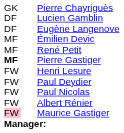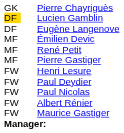 <table style="font-size:90%; margin:0.2em auto;" cellspacing="0" cellpadding="0">
 <tr>
 <th width="25"></th>
 <th width="25"></th>
 </tr>
 <tr>
 <td>GK</td>
 <td></td>
 <td><a href='#'>Pierre Chayriguès</a></td>
 </tr>
 <tr>
-<td>DF</td>
+<td style="background: gold;">DF</td>
 <td></td>
 <td><a href='#'>Lucien Gamblin</a></td>
 </tr>
 <tr>
 <td>DF</td>
 <td></td>
 <td><a href='#'>Eugène Langenove</a></td>
 </tr>
 <tr>
 <td>MF</td>
 <td></td>
 <td><a href='#'>Émilien Devic</a></td>
 </tr>
 <tr>
 <td>MF</td>
 <td></td>
 <td><a href='#'>René Petit</a></td>
 </tr>
 <tr>
-<td><strong>MF</strong></td>
+<td>MF</td>
 <td></td>
 <td><a href='#'>Pierre Gastiger</a></td>
 </tr>
 <tr>
 <td>FW</td>
 <td></td>
 <td><a href='#'>Henri Lesure</a></td>
 </tr>
 <tr>
 <td>FW</td>
 <td></td>
 <td><a href='#'>Paul Deydier</a></td>
 </tr>
 <tr>
 <td>FW</td>
 <td></td>
 <td><a href='#'>Paul Nicolas</a></td>
 </tr>
 <tr>
 <td>FW</td>
 <td></td>
 <td><a href='#'>Albert Rénier</a></td>
 </tr>
 <tr>
-<td style="background: pink;">FW</td>
+<td>FW</td>
 <td></td>
 <td><a href='#'>Maurice Gastiger</a></td>
 </tr>
 <tr>
 <td colspan=3><strong>Manager:</strong></td>
 </tr>
 <tr>
 <td colspan="4"></td>
 </tr>
 </table>
